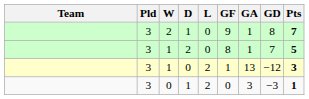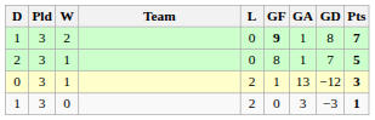 <table class="wikitable" style="text-align:center;">
 <tr>
-<th width=180>Team</th>
+<th width=20>D</th>
 <th width=20>Pld</th>
 <th width=20>W</th>
-<th width=20>D</th>
+<th width=180>Team</th>
 <th width=20>L</th>
 <th width=20>GF</th>
 <th width=20>GA</th>
 <th width=20>GD</th>
 <th width=20>Pts</th>
 </tr>
 <tr bgcolor="ccffcc">
-<td align="left"><em></em></td>
+<td>1</td>
 <td>3</td>
 <td>2</td>
-<td>1</td>
+<td align="left"><em></em></td>
 <td>0</td>
-<td>9</td>
+<td><strong>9</strong></td>
 <td>1</td>
 <td>8</td>
 <td><strong>7</strong></td>
 </tr>
 <tr bgcolor="ccffcc">
-<td align="left"></td>
+<td>2</td>
 <td>3</td>
 <td>1</td>
-<td>2</td>
+<td align="left"></td>
 <td>0</td>
 <td>8</td>
 <td>1</td>
 <td>7</td>
 <td><strong>5</strong></td>
 </tr>
 <tr bgcolor="ffffcc">
-<td align="left"></td>
+<td>0</td>
 <td>3</td>
 <td>1</td>
-<td>0</td>
+<td align="left"></td>
 <td>2</td>
 <td>1</td>
 <td>13</td>
 <td>−12</td>
 <td><strong>3</strong></td>
 </tr>
 <tr>
-<td align="left"></td>
+<td>1</td>
 <td>3</td>
 <td>0</td>
-<td>1</td>
+<td align="left"></td>
 <td>2</td>
 <td>0</td>
 <td>3</td>
 <td>−3</td>
 <td><strong>1</strong></td>
 </tr>
 </table>
